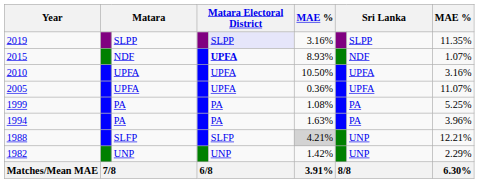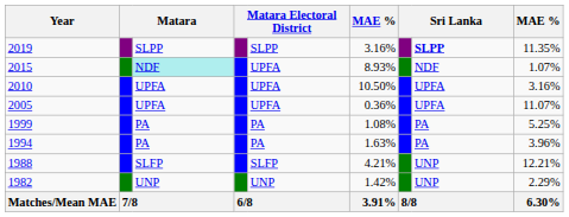 <table class="wikitable">
 <tr>
 <th>Year</th>
 <th colspan="2" width="144px">Matara</th>
 <th colspan="2" width="144px"><a href='#'>Matara Electoral District</a></th>
 <th><a href='#'>MAE</a> %</th>
 <th colspan="2" width="144px">Sri Lanka</th>
 <th>MAE %</th>
 </tr>
 <tr>
 <td><a href='#'>2019</a></td>
 <td style="background-color:purple;" width="10px"></td>
 <td style="text-align:left;"><a href='#'>SLPP</a></td>
 <td style="background-color:purple;" width="10px"></td>
-<td style="background: lavender; text-align:left;"><a href='#'>SLPP</a></td>
+<td style="text-align:left;"><a href='#'>SLPP</a></td>
 <td style="text-align:right;">3.16%</td>
 <td style="background-color:purple;" width="10px"></td>
-<td style="text-align:left;"><a href='#'>SLPP</a></td>
+<td style="text-align:left;"><strong><a href='#'>SLPP</a></strong></td>
 <td style="text-align:right;">11.35%</td>
 </tr>
 <tr>
 <td><a href='#'>2015</a></td>
 <td style="background-color:green;" width="10px"></td>
-<td style="text-align:left;"><a href='#'>NDF</a></td>
+<td style="background: paleturquoise; text-align:left;"><a href='#'>NDF</a></td>
 <td style="background-color:blue;" width="10px"></td>
-<td style="text-align:left;"><strong><a href='#'>UPFA</a></strong></td>
+<td style="text-align:left;"><a href='#'>UPFA</a></td>
 <td style="text-align:right;">8.93%</td>
 <td style="background-color:green;" width="10px"></td>
 <td style="text-align:left;"><a href='#'>NDF</a></td>
 <td style="text-align:right;">1.07%</td>
 </tr>
 <tr>
 <td><a href='#'>2010</a></td>
 <td style="background-color:blue;" width="10px"></td>
 <td style="text-align:left;"><a href='#'>UPFA</a></td>
 <td style="background-color:blue;" width="10px"></td>
 <td style="text-align:left;"><a href='#'>UPFA</a></td>
 <td style="text-align:right;">10.50%</td>
 <td style="background-color:blue;" width="10px"></td>
 <td style="text-align:left;"><a href='#'>UPFA</a></td>
 <td style="text-align:right;">3.16%</td>
 </tr>
 <tr>
 <td><a href='#'>2005</a></td>
 <td style="background-color:blue;" width="10px"></td>
 <td style="text-align:left;"><a href='#'>UPFA</a></td>
 <td style="background-color:blue;" width="10px"></td>
 <td style="text-align:left;"><a href='#'>UPFA</a></td>
 <td style="text-align:right;">0.36%</td>
 <td style="background-color:blue;" width="10px"></td>
 <td style="text-align:left;"><a href='#'>UPFA</a></td>
 <td style="text-align:right;">11.07%</td>
 </tr>
 <tr>
 <td><a href='#'>1999</a></td>
 <td style="background-color:blue;" width="10px"></td>
 <td style="text-align:left;"><a href='#'>PA</a></td>
 <td style="background-color:blue;" width="10px"></td>
 <td style="text-align:left;"><a href='#'>PA</a></td>
 <td style="text-align:right;">1.08%</td>
 <td style="background-color:blue;" width="10px"></td>
 <td style="text-align:left;"><a href='#'>PA</a></td>
 <td style="text-align:right;">5.25%</td>
 </tr>
 <tr>
 <td><a href='#'>1994</a></td>
 <td style="background-color:blue;" width="10px"></td>
 <td style="text-align:left;"><a href='#'>PA</a></td>
 <td style="background-color:blue;" width="10px"></td>
 <td style="text-align:left;"><a href='#'>PA</a></td>
 <td style="text-align:right;">1.63%</td>
 <td style="background-color:blue;" width="10px"></td>
 <td style="text-align:left;"><a href='#'>PA</a></td>
 <td style="text-align:right;">3.96%</td>
 </tr>
 <tr>
 <td><a href='#'>1988</a></td>
 <td style="background-color:blue;" width="10px"></td>
 <td style="text-align:left;"><a href='#'>SLFP</a></td>
 <td style="background-color:blue;" width="10px"></td>
 <td style="text-align:left;"><a href='#'>SLFP</a></td>
-<td style="background: lightgrey; text-align:right;">4.21%</td>
+<td style="text-align:right;">4.21%</td>
 <td style="background-color:green;" width="10px"></td>
 <td style="text-align:left;"><a href='#'>UNP</a></td>
 <td style="text-align:right;">12.21%</td>
 </tr>
 <tr>
 <td><a href='#'>1982</a></td>
 <td style="background-color:green;" width="10px"></td>
 <td style="text-align:left;"><a href='#'>UNP</a></td>
 <td style="background-color:green;" width="10px"></td>
 <td style="text-align:left;"><a href='#'>UNP</a></td>
 <td style="text-align:right;">1.42%</td>
 <td style="background-color:green;" width="10px"></td>
 <td style="text-align:left;"><a href='#'>UNP</a></td>
 <td style="text-align:right;">2.29%</td>
 </tr>
 <tr>
 <th>Matches/Mean MAE</th>
 <th style="text-align:left;"colspan="2" width="144px">7/8</th>
 <th style="text-align:left;"colspan="2" width="144px">6/8</th>
 <th style="text-align:right;">3.91%</th>
 <th style="text-align:left;"colspan="2" width="144px">8/8</th>
 <th style="text-align:right;">6.30%</th>
 </tr>
 </table>
